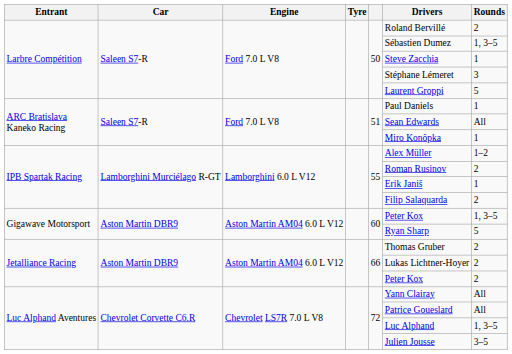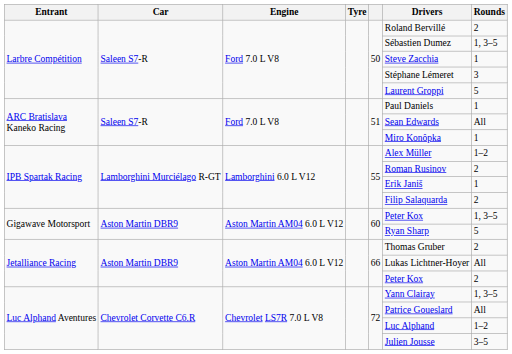 <table class="wikitable" style="font-size: 90%">
 <tr>
 <th>Entrant</th>
 <th>Car</th>
 <th>Engine</th>
 <th>Tyre</th>
 <th></th>
 <th>Drivers</th>
 <th>Rounds</th>
 </tr>
 <tr>
 <td rowspan=5> <a href='#'>Larbre Compétition</a></td>
 <td rowspan=5><a href='#'>Saleen S7</a>-R</td>
 <td rowspan=5><a href='#'>Ford</a> 7.0 L V8</td>
 <td rowspan=5></td>
 <td rowspan=5>50</td>
 <td> Roland Bervillé</td>
 <td>2</td>
 </tr>
 <tr>
 <td> Sébastien Dumez</td>
 <td>1, 3–5</td>
 </tr>
 <tr>
 <td> <a href='#'>Steve Zacchia</a></td>
 <td>1</td>
 </tr>
 <tr>
 <td> Stéphane Lémeret</td>
 <td>3</td>
 </tr>
 <tr>
 <td> <a href='#'>Laurent Groppi</a></td>
 <td>5</td>
 </tr>
 <tr>
 <td rowspan=3> <a href='#'>ARC Bratislava</a><br> Kaneko Racing</td>
 <td rowspan=3><a href='#'>Saleen S7</a>-R</td>
 <td rowspan=3><a href='#'>Ford</a> 7.0 L V8</td>
 <td rowspan=3></td>
 <td rowspan=3>51</td>
 <td> Paul Daniels</td>
 <td>1</td>
 </tr>
 <tr>
 <td> <a href='#'>Sean Edwards</a></td>
 <td>All</td>
 </tr>
 <tr>
 <td> <a href='#'>Miro Konôpka</a></td>
 <td>1</td>
 </tr>
 <tr>
 <td rowspan=4> <a href='#'>IPB Spartak Racing</a></td>
 <td rowspan=4><a href='#'>Lamborghini Murciélago</a> R-GT</td>
 <td rowspan=4><a href='#'>Lamborghini</a> 6.0 L V12</td>
 <td rowspan=4></td>
 <td rowspan=4>55</td>
 <td> <a href='#'>Alex Müller</a></td>
 <td>1–2</td>
 </tr>
 <tr>
 <td> <a href='#'>Roman Rusinov</a></td>
 <td>2</td>
 </tr>
 <tr>
 <td> <a href='#'>Erik Janiš</a></td>
 <td>1</td>
 </tr>
 <tr>
 <td> <a href='#'>Filip Salaquarda</a></td>
 <td>2</td>
 </tr>
 <tr>
 <td rowspan=2> Gigawave Motorsport</td>
 <td rowspan=2><a href='#'>Aston Martin DBR9</a></td>
 <td rowspan=2><a href='#'>Aston Martin AM04</a> 6.0 L V12</td>
 <td rowspan=2></td>
 <td rowspan=2>60</td>
 <td> <a href='#'>Peter Kox</a></td>
 <td>1, 3–5</td>
 </tr>
 <tr>
 <td> <a href='#'>Ryan Sharp</a></td>
 <td>5</td>
 </tr>
 <tr>
 <td rowspan=3> <a href='#'>Jetalliance Racing</a></td>
 <td rowspan=3><a href='#'>Aston Martin DBR9</a></td>
 <td rowspan=3><a href='#'>Aston Martin AM04</a> 6.0 L V12</td>
 <td rowspan=3></td>
 <td rowspan=3>66</td>
 <td> Thomas Gruber</td>
 <td>2</td>
 </tr>
 <tr>
 <td> Lukas Lichtner-Hoyer</td>
-<td>2</td>
+<td>All</td>
 </tr>
 <tr>
 <td> <a href='#'>Peter Kox</a></td>
 <td>2</td>
 </tr>
 <tr>
 <td rowspan=4> <a href='#'>Luc Alphand</a> Aventures</td>
 <td rowspan=4><a href='#'>Chevrolet Corvette C6.R</a></td>
 <td rowspan=4><a href='#'>Chevrolet</a> <a href='#'>LS7R</a> 7.0 L V8</td>
 <td rowspan=4></td>
 <td rowspan=4>72</td>
 <td> <a href='#'>Yann Clairay</a></td>
-<td>All</td>
+<td>1, 3–5</td>
 </tr>
 <tr>
 <td> <a href='#'>Patrice Goueslard</a></td>
 <td>All</td>
 </tr>
 <tr>
 <td> <a href='#'>Luc Alphand</a></td>
-<td>1, 3–5</td>
+<td>1–2</td>
 </tr>
 <tr>
 <td> <a href='#'>Julien Jousse</a></td>
 <td>3–5</td>
 </tr>
 </table>
